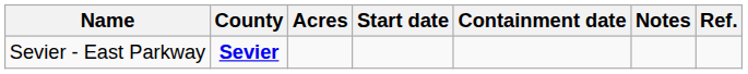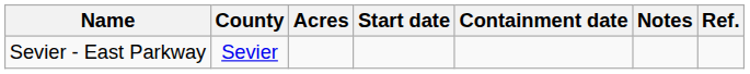 <table class="wikitable sortable plainrowheaders mw-collapsible" style="text-align:center;">
 <tr>
 <th scope="col">Name</th>
 <th scope="col">County </th>
 <th scope="col">Acres</th>
 <th scope="col">Start date</th>
 <th scope="col">Containment date</th>
 <th scope="col">Notes</th>
 <th scope="col">Ref.</th>
 </tr>
 <tr>
 <td>Sevier - East Parkway</td>
-<td><strong><a href='#'>Sevier</a></strong></td>
+<td><a href='#'>Sevier</a></td>
 <td></td>
 <td></td>
 <td></td>
 <td></td>
 </tr>
 </table>
